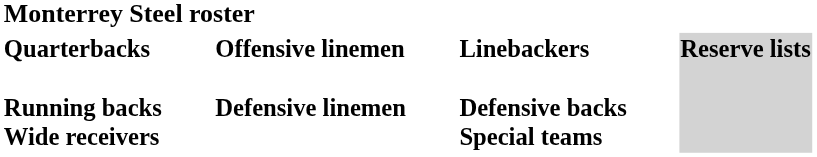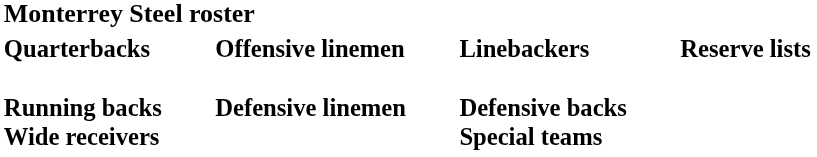 <table class="toccolours" style="text-align: left;">
 <tr>
 <th colspan=7>Monterrey Steel roster</th>
 </tr>
 <tr>
 <td style="font-size: 95%;vertical-align:top;"><strong>Quarterbacks</strong><br> <br><strong>Running backs</strong> <br><strong>Wide receivers</strong>     </td>
 <td style="width: 25px;"></td>
 <td style="font-size: 95%;vertical-align:top;"><strong>Offensive linemen</strong><br>  <br><strong>Defensive linemen</strong>     </td>
 <td style="width: 25px;"></td>
 <td style="font-size: 95%;vertical-align:top;"><strong>Linebackers</strong><br> <br><strong>Defensive backs</strong>     <br><strong>Special teams</strong> </td>
 <td style="width: 25px;"></td>
-<td style="background: lightgrey; font-size: 95%;vertical-align:top;"><strong>Reserve lists</strong><br>    <br></td>
+<td style="font-size: 95%;vertical-align:top;"><strong>Reserve lists</strong><br>    <br></td>
 </tr>
 <tr>
 </tr>
 </table>
